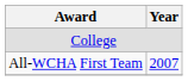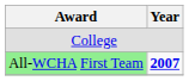 <table class="wikitable">
 <tr>
 <th>Award</th>
 <th>Year</th>
 </tr>
 <tr ALIGN="center" bgcolor="#e0e0e0">
 <td colspan="3"><a href='#'>College</a></td>
 </tr>
 <tr>
-<td>All-<a href='#'>WCHA</a> <a href='#'>First Team</a></td>
-<td><a href='#'>2007</a></td>
+<td style="background: lightgreen;">All-<a href='#'>WCHA</a> <a href='#'>First Team</a></td>
+<td><strong><a href='#'>2007</a></strong></td>
 </tr>
 <tr>
 </tr>
 </table>
